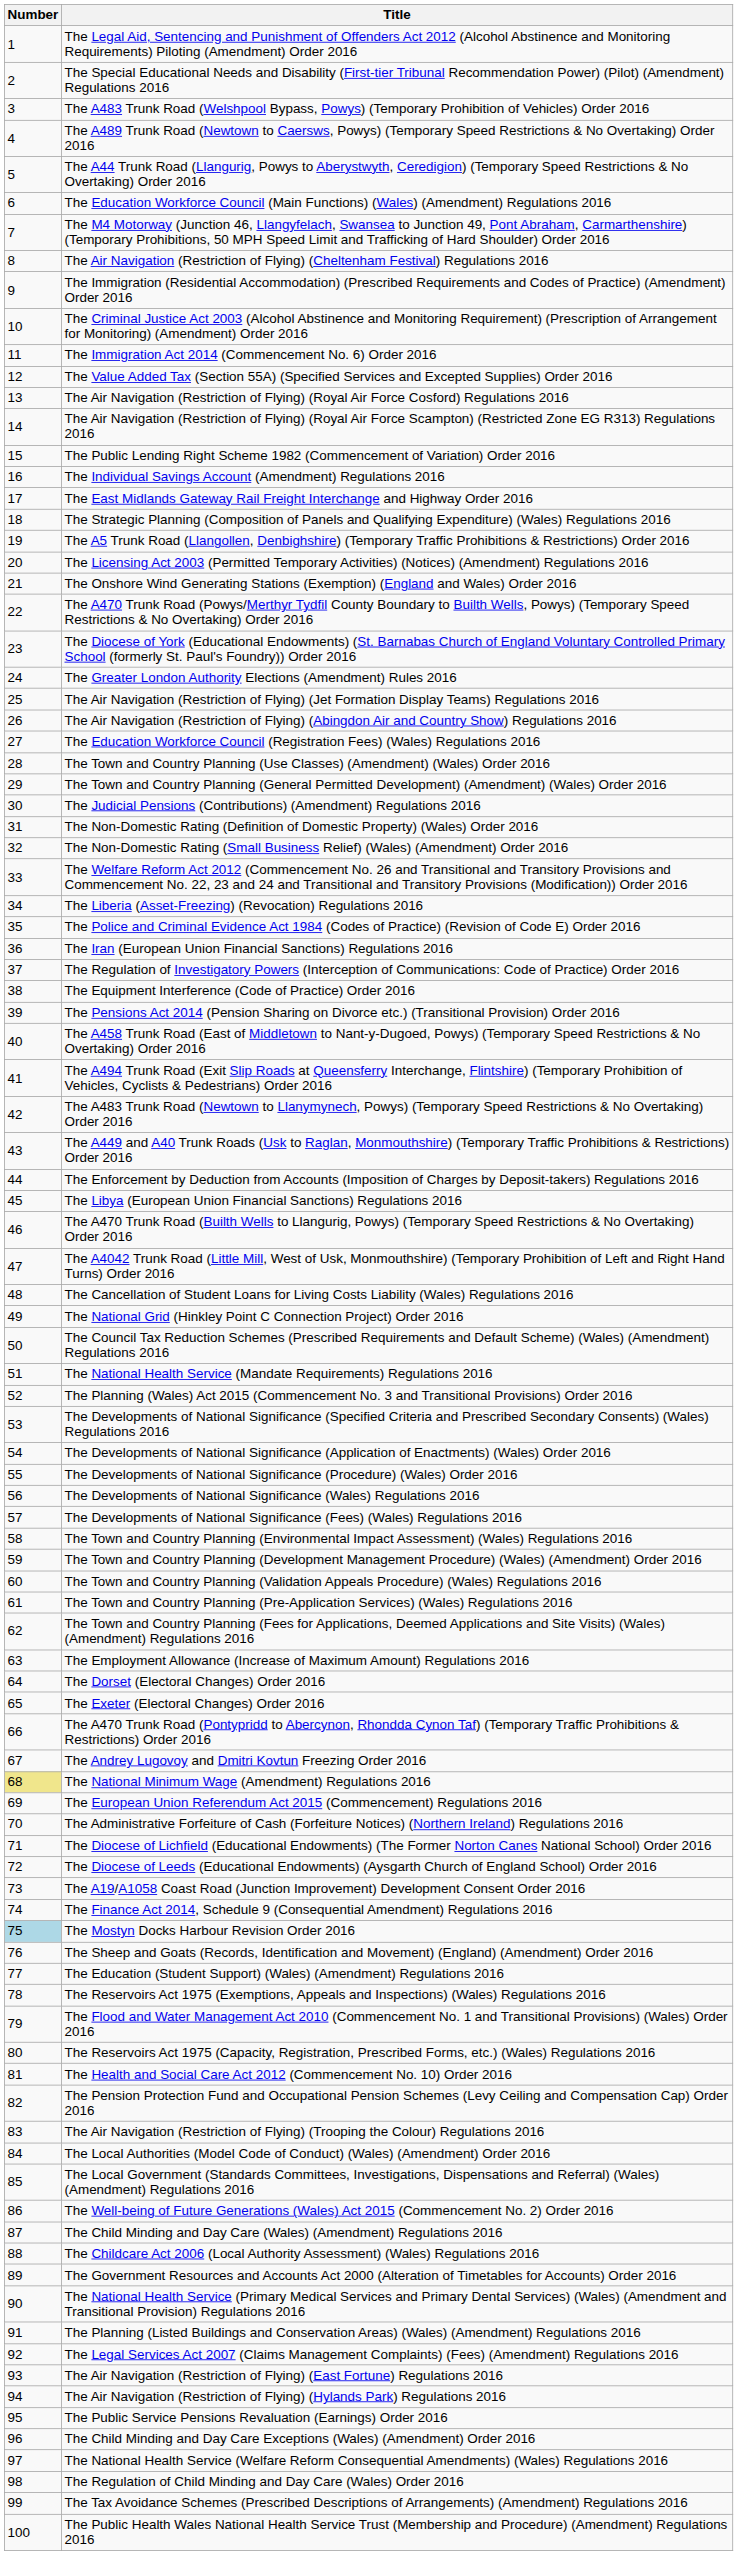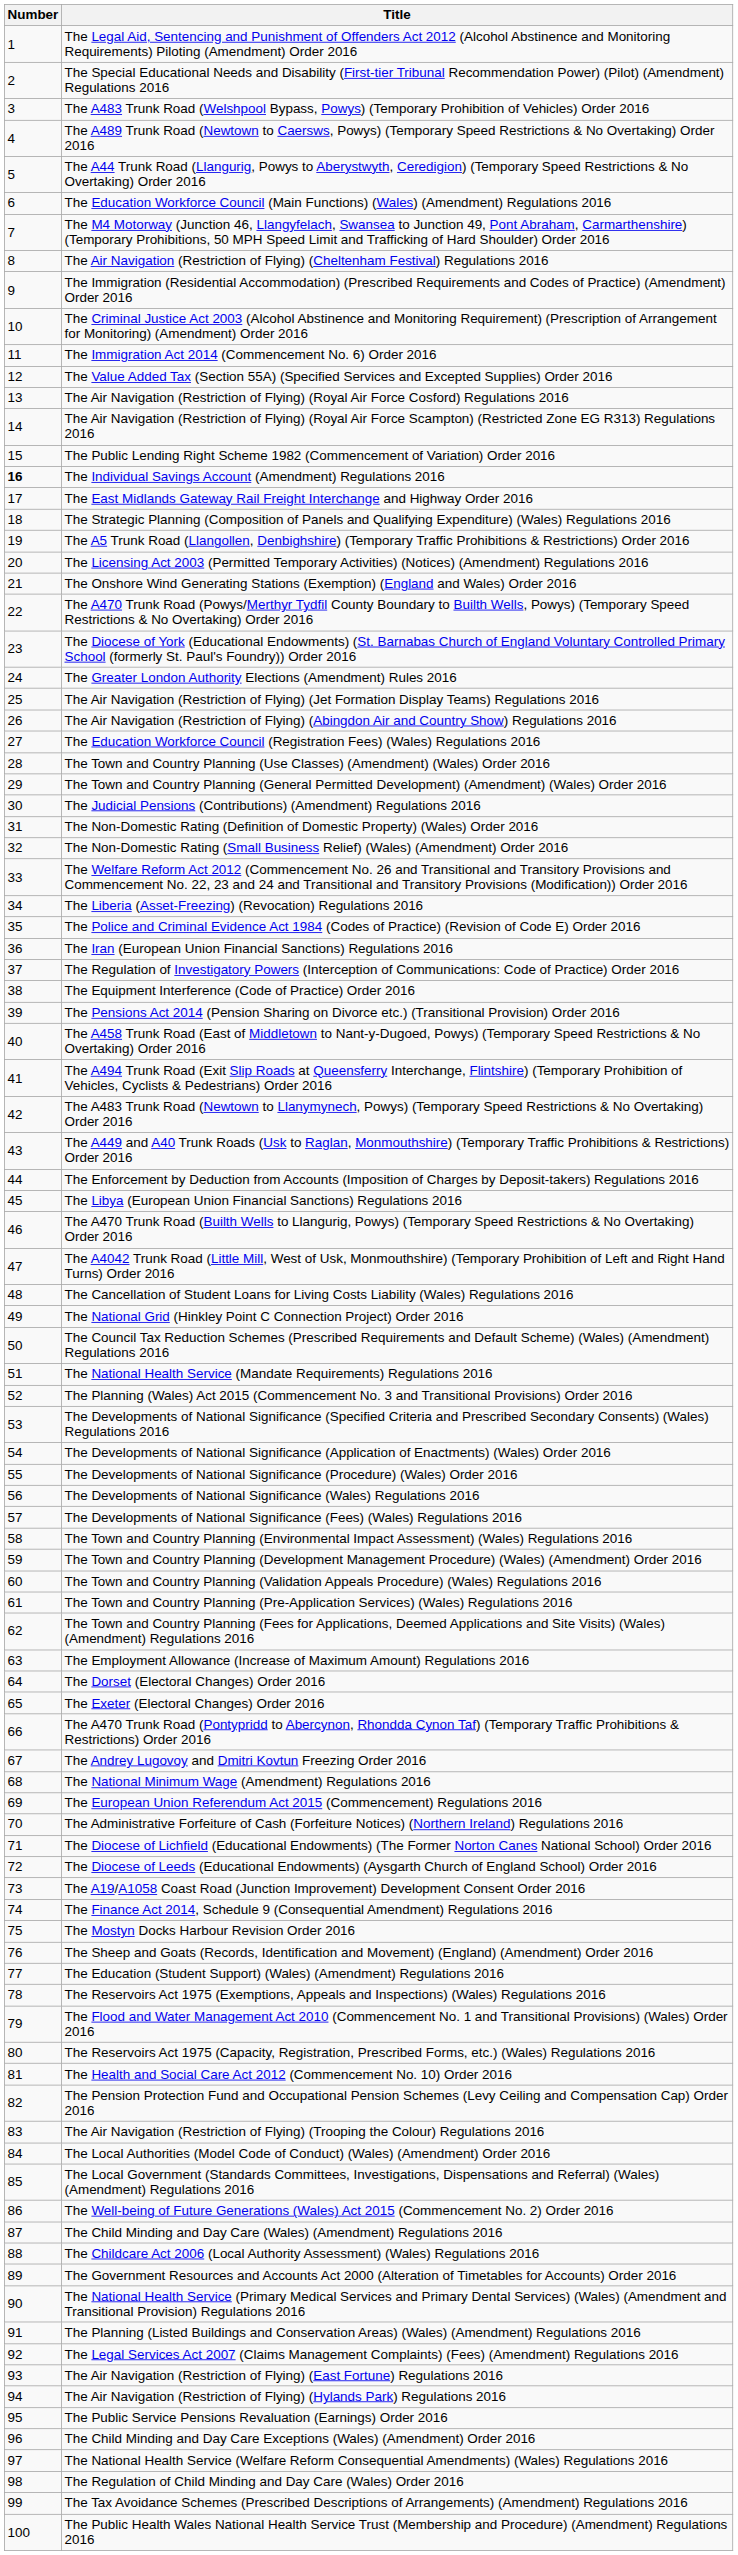 <table class="wikitable collapsible">
 <tr>
 <th>Number</th>
 <th>Title</th>
 </tr>
 <tr>
 <td>1</td>
 <td>The <a href='#'>Legal Aid, Sentencing and Punishment of Offenders Act 2012</a> (Alcohol Abstinence and Monitoring Requirements) Piloting (Amendment) Order 2016</td>
 </tr>
 <tr>
 <td>2</td>
 <td>The Special Educational Needs and Disability (<a href='#'>First-tier Tribunal</a> Recommendation Power) (Pilot) (Amendment) Regulations 2016</td>
 </tr>
 <tr>
 <td>3</td>
 <td>The <a href='#'>A483</a> Trunk Road (<a href='#'>Welshpool</a> Bypass, <a href='#'>Powys</a>) (Temporary Prohibition of Vehicles) Order 2016</td>
 </tr>
 <tr>
 <td>4</td>
 <td>The <a href='#'>A489</a> Trunk Road (<a href='#'>Newtown</a> to <a href='#'>Caersws</a>, Powys) (Temporary Speed Restrictions & No Overtaking) Order 2016</td>
 </tr>
 <tr>
 <td>5</td>
 <td>The <a href='#'>A44</a> Trunk Road (<a href='#'>Llangurig</a>, Powys to <a href='#'>Aberystwyth</a>, <a href='#'>Ceredigion</a>) (Temporary Speed Restrictions & No Overtaking) Order 2016</td>
 </tr>
 <tr>
 <td>6</td>
 <td>The <a href='#'>Education Workforce Council</a> (Main Functions) (<a href='#'>Wales</a>) (Amendment) Regulations 2016</td>
 </tr>
 <tr>
 <td>7</td>
 <td>The <a href='#'>M4 Motorway</a> (Junction 46, <a href='#'>Llangyfelach</a>, <a href='#'>Swansea</a> to Junction 49, <a href='#'>Pont Abraham</a>, <a href='#'>Carmarthenshire</a>) (Temporary Prohibitions, 50 MPH Speed Limit and Trafficking of Hard Shoulder) Order 2016</td>
 </tr>
 <tr>
 <td>8</td>
 <td>The <a href='#'>Air Navigation</a> (Restriction of Flying) (<a href='#'>Cheltenham Festival</a>) Regulations 2016</td>
 </tr>
 <tr>
 <td>9</td>
 <td>The Immigration (Residential Accommodation) (Prescribed Requirements and Codes of Practice) (Amendment) Order 2016</td>
 </tr>
 <tr>
 <td>10</td>
 <td>The <a href='#'>Criminal Justice Act 2003</a> (Alcohol Abstinence and Monitoring Requirement) (Prescription of Arrangement for Monitoring) (Amendment) Order 2016</td>
 </tr>
 <tr>
 <td>11</td>
 <td>The <a href='#'>Immigration Act 2014</a> (Commencement No. 6) Order 2016</td>
 </tr>
 <tr>
 <td>12</td>
 <td>The <a href='#'>Value Added Tax</a> (Section 55A) (Specified Services and Excepted Supplies) Order 2016</td>
 </tr>
 <tr>
 <td>13</td>
 <td>The Air Navigation (Restriction of Flying) (Royal Air Force Cosford) Regulations 2016</td>
 </tr>
 <tr>
 <td>14</td>
 <td>The Air Navigation (Restriction of Flying) (Royal Air Force Scampton) (Restricted Zone EG R313) Regulations 2016</td>
 </tr>
 <tr>
 <td>15</td>
 <td>The Public Lending Right Scheme 1982 (Commencement of Variation) Order 2016</td>
 </tr>
 <tr>
-<td>16</td>
+<td><strong>16</strong></td>
 <td>The <a href='#'>Individual Savings Account</a> (Amendment) Regulations 2016</td>
 </tr>
 <tr>
 <td>17</td>
 <td>The <a href='#'>East Midlands Gateway Rail Freight Interchange</a> and Highway Order 2016</td>
 </tr>
 <tr>
 <td>18</td>
 <td>The Strategic Planning (Composition of Panels and Qualifying Expenditure) (Wales) Regulations 2016</td>
 </tr>
 <tr>
 <td>19</td>
 <td>The <a href='#'>A5</a> Trunk Road (<a href='#'>Llangollen</a>, <a href='#'>Denbighshire</a>) (Temporary Traffic Prohibitions & Restrictions) Order 2016</td>
 </tr>
 <tr>
 <td>20</td>
 <td>The <a href='#'>Licensing Act 2003</a> (Permitted Temporary Activities) (Notices) (Amendment) Regulations 2016</td>
 </tr>
 <tr>
 <td>21</td>
 <td>The Onshore Wind Generating Stations (Exemption) (<a href='#'>England</a> and Wales) Order 2016</td>
 </tr>
 <tr>
 <td>22</td>
 <td>The <a href='#'>A470</a> Trunk Road (Powys/<a href='#'>Merthyr Tydfil</a> County Boundary to <a href='#'>Builth Wells</a>, Powys) (Temporary Speed Restrictions & No Overtaking) Order 2016</td>
 </tr>
 <tr>
 <td>23</td>
 <td>The <a href='#'>Diocese of York</a> (Educational Endowments) (<a href='#'>St. Barnabas Church of England Voluntary Controlled Primary School</a> (formerly St. Paul's Foundry)) Order 2016</td>
 </tr>
 <tr>
 <td>24</td>
 <td>The <a href='#'>Greater London Authority</a> Elections (Amendment) Rules 2016</td>
 </tr>
 <tr>
 <td>25</td>
 <td>The Air Navigation (Restriction of Flying) (Jet Formation Display Teams) Regulations 2016</td>
 </tr>
 <tr>
 <td>26</td>
 <td>The Air Navigation (Restriction of Flying) (<a href='#'>Abingdon Air and Country Show</a>) Regulations 2016</td>
 </tr>
 <tr>
 <td>27</td>
 <td>The <a href='#'>Education Workforce Council</a> (Registration Fees) (Wales) Regulations 2016</td>
 </tr>
 <tr>
 <td>28</td>
 <td>The Town and Country Planning (Use Classes) (Amendment) (Wales) Order 2016</td>
 </tr>
 <tr>
 <td>29</td>
 <td>The Town and Country Planning (General Permitted Development) (Amendment) (Wales) Order 2016</td>
 </tr>
 <tr>
 <td>30</td>
 <td>The <a href='#'>Judicial Pensions</a> (Contributions) (Amendment) Regulations 2016</td>
 </tr>
 <tr>
 <td>31</td>
 <td>The Non-Domestic Rating (Definition of Domestic Property) (Wales) Order 2016</td>
 </tr>
 <tr>
 <td>32</td>
 <td>The Non-Domestic Rating (<a href='#'>Small Business</a> Relief) (Wales) (Amendment) Order 2016</td>
 </tr>
 <tr>
 <td>33</td>
 <td>The <a href='#'>Welfare Reform Act 2012</a> (Commencement No. 26 and Transitional and Transitory Provisions and Commencement No. 22, 23 and 24 and Transitional and Transitory Provisions (Modification)) Order 2016</td>
 </tr>
 <tr>
 <td>34</td>
 <td>The <a href='#'>Liberia</a> (<a href='#'>Asset-Freezing</a>) (Revocation) Regulations 2016</td>
 </tr>
 <tr>
 <td>35</td>
 <td>The <a href='#'>Police and Criminal Evidence Act 1984</a> (Codes of Practice) (Revision of Code E) Order 2016</td>
 </tr>
 <tr>
 <td>36</td>
 <td>The <a href='#'>Iran</a> (European Union Financial Sanctions) Regulations 2016</td>
 </tr>
 <tr>
 <td>37</td>
 <td>The Regulation of <a href='#'>Investigatory Powers</a> (Interception of Communications: Code of Practice) Order 2016</td>
 </tr>
 <tr>
 <td>38</td>
 <td>The Equipment Interference (Code of Practice) Order 2016</td>
 </tr>
 <tr>
 <td>39</td>
 <td>The <a href='#'>Pensions Act 2014</a> (Pension Sharing on Divorce etc.) (Transitional Provision) Order 2016</td>
 </tr>
 <tr>
 <td>40</td>
 <td>The <a href='#'>A458</a> Trunk Road (East of <a href='#'>Middletown</a> to Nant-y-Dugoed, Powys) (Temporary Speed Restrictions & No Overtaking) Order 2016</td>
 </tr>
 <tr>
 <td>41</td>
 <td>The <a href='#'>A494</a> Trunk Road (Exit <a href='#'>Slip Roads</a> at <a href='#'>Queensferry</a> Interchange, <a href='#'>Flintshire</a>) (Temporary Prohibition of Vehicles, Cyclists & Pedestrians) Order 2016</td>
 </tr>
 <tr>
 <td>42</td>
 <td>The A483 Trunk Road (<a href='#'>Newtown</a> to <a href='#'>Llanymynech</a>, Powys) (Temporary Speed Restrictions & No Overtaking) Order 2016</td>
 </tr>
 <tr>
 <td>43</td>
 <td>The <a href='#'>A449</a> and <a href='#'>A40</a> Trunk Roads (<a href='#'>Usk</a> to <a href='#'>Raglan</a>, <a href='#'>Monmouthshire</a>) (Temporary Traffic Prohibitions & Restrictions) Order 2016</td>
 </tr>
 <tr>
 <td>44</td>
 <td>The Enforcement by Deduction from Accounts (Imposition of Charges by Deposit-takers) Regulations 2016</td>
 </tr>
 <tr>
 <td>45</td>
 <td>The <a href='#'>Libya</a> (European Union Financial Sanctions) Regulations 2016</td>
 </tr>
 <tr>
 <td>46</td>
 <td>The A470 Trunk Road (<a href='#'>Builth Wells</a> to Llangurig, Powys) (Temporary Speed Restrictions & No Overtaking) Order 2016</td>
 </tr>
 <tr>
 <td>47</td>
 <td>The <a href='#'>A4042</a> Trunk Road (<a href='#'>Little Mill</a>, West of Usk, Monmouthshire) (Temporary Prohibition of Left and Right Hand Turns) Order 2016</td>
 </tr>
 <tr>
 <td>48</td>
 <td>The Cancellation of Student Loans for Living Costs Liability (Wales) Regulations 2016</td>
 </tr>
 <tr>
 <td>49</td>
 <td>The <a href='#'>National Grid</a> (Hinkley Point C Connection Project) Order 2016</td>
 </tr>
 <tr>
 <td>50</td>
 <td>The Council Tax Reduction Schemes (Prescribed Requirements and Default Scheme) (Wales) (Amendment) Regulations 2016</td>
 </tr>
 <tr>
 <td>51</td>
 <td>The <a href='#'>National Health Service</a> (Mandate Requirements) Regulations 2016</td>
 </tr>
 <tr>
 <td>52</td>
 <td>The Planning (Wales) Act 2015 (Commencement No. 3 and Transitional Provisions) Order 2016</td>
 </tr>
 <tr>
 <td>53</td>
 <td>The Developments of National Significance (Specified Criteria and Prescribed Secondary Consents) (Wales) Regulations 2016</td>
 </tr>
 <tr>
 <td>54</td>
 <td>The Developments of National Significance (Application of Enactments) (Wales) Order 2016</td>
 </tr>
 <tr>
 <td>55</td>
 <td>The Developments of National Significance (Procedure) (Wales) Order 2016</td>
 </tr>
 <tr>
 <td>56</td>
 <td>The Developments of National Significance (Wales) Regulations 2016</td>
 </tr>
 <tr>
 <td>57</td>
 <td>The Developments of National Significance (Fees) (Wales) Regulations 2016</td>
 </tr>
 <tr>
 <td>58</td>
 <td>The Town and Country Planning (Environmental Impact Assessment) (Wales) Regulations 2016</td>
 </tr>
 <tr>
 <td>59</td>
 <td>The Town and Country Planning (Development Management Procedure) (Wales) (Amendment) Order 2016</td>
 </tr>
 <tr>
 <td>60</td>
 <td>The Town and Country Planning (Validation Appeals Procedure) (Wales) Regulations 2016</td>
 </tr>
 <tr>
 <td>61</td>
 <td>The Town and Country Planning (Pre-Application Services) (Wales) Regulations 2016</td>
 </tr>
 <tr>
 <td>62</td>
 <td>The Town and Country Planning (Fees for Applications, Deemed Applications and Site Visits) (Wales) (Amendment) Regulations 2016</td>
 </tr>
 <tr>
 <td>63</td>
 <td>The Employment Allowance (Increase of Maximum Amount) Regulations 2016</td>
 </tr>
 <tr>
 <td>64</td>
 <td>The <a href='#'>Dorset</a> (Electoral Changes) Order 2016</td>
 </tr>
 <tr>
 <td>65</td>
 <td>The <a href='#'>Exeter</a> (Electoral Changes) Order 2016</td>
 </tr>
 <tr>
 <td>66</td>
 <td>The A470 Trunk Road (<a href='#'>Pontypridd</a> to <a href='#'>Abercynon</a>, <a href='#'>Rhondda Cynon Taf</a>) (Temporary Traffic Prohibitions & Restrictions) Order 2016</td>
 </tr>
 <tr>
 <td>67</td>
 <td>The <a href='#'>Andrey Lugovoy</a> and <a href='#'>Dmitri Kovtun</a> Freezing Order 2016</td>
 </tr>
 <tr>
-<td style="background: khaki;">68</td>
+<td>68</td>
 <td>The <a href='#'>National Minimum Wage</a> (Amendment) Regulations 2016</td>
 </tr>
 <tr>
 <td>69</td>
 <td>The <a href='#'>European Union Referendum Act 2015</a> (Commencement) Regulations 2016</td>
 </tr>
 <tr>
 <td>70</td>
 <td>The Administrative Forfeiture of Cash (Forfeiture Notices) (<a href='#'>Northern Ireland</a>) Regulations 2016</td>
 </tr>
 <tr>
 <td>71</td>
 <td>The <a href='#'>Diocese of Lichfield</a> (Educational Endowments) (The Former <a href='#'>Norton Canes</a> National School) Order 2016</td>
 </tr>
 <tr>
 <td>72</td>
 <td>The <a href='#'>Diocese of Leeds</a> (Educational Endowments) (Aysgarth Church of England School) Order 2016</td>
 </tr>
 <tr>
 <td>73</td>
 <td>The <a href='#'>A19</a>/<a href='#'>A1058</a> Coast Road (Junction Improvement) Development Consent Order 2016</td>
 </tr>
 <tr>
 <td>74</td>
 <td>The <a href='#'>Finance Act 2014</a>, Schedule 9 (Consequential Amendment) Regulations 2016</td>
 </tr>
 <tr>
-<td style="background: lightblue;">75</td>
+<td>75</td>
 <td>The <a href='#'>Mostyn</a> Docks Harbour Revision Order 2016</td>
 </tr>
 <tr>
 <td>76</td>
 <td>The Sheep and Goats (Records, Identification and Movement) (England) (Amendment) Order 2016</td>
 </tr>
 <tr>
 <td>77</td>
 <td>The Education (Student Support) (Wales) (Amendment) Regulations 2016</td>
 </tr>
 <tr>
 <td>78</td>
 <td>The Reservoirs Act 1975 (Exemptions, Appeals and Inspections) (Wales) Regulations 2016</td>
 </tr>
 <tr>
 <td>79</td>
 <td>The <a href='#'>Flood and Water Management Act 2010</a> (Commencement No. 1 and Transitional Provisions) (Wales) Order 2016</td>
 </tr>
 <tr>
 <td>80</td>
 <td>The Reservoirs Act 1975 (Capacity, Registration, Prescribed Forms, etc.) (Wales) Regulations 2016</td>
 </tr>
 <tr>
 <td>81</td>
 <td>The <a href='#'>Health and Social Care Act 2012</a> (Commencement No. 10) Order 2016</td>
 </tr>
 <tr>
 <td>82</td>
 <td>The Pension Protection Fund and Occupational Pension Schemes (Levy Ceiling and Compensation Cap) Order 2016</td>
 </tr>
 <tr>
 <td>83</td>
 <td>The Air Navigation (Restriction of Flying) (Trooping the Colour) Regulations 2016</td>
 </tr>
 <tr>
 <td>84</td>
 <td>The Local Authorities (Model Code of Conduct) (Wales) (Amendment) Order 2016</td>
 </tr>
 <tr>
 <td>85</td>
 <td>The Local Government (Standards Committees, Investigations, Dispensations and Referral) (Wales) (Amendment) Regulations 2016</td>
 </tr>
 <tr>
 <td>86</td>
 <td>The <a href='#'>Well-being of Future Generations (Wales) Act 2015</a> (Commencement No. 2) Order 2016</td>
 </tr>
 <tr>
 <td>87</td>
 <td>The Child Minding and Day Care (Wales) (Amendment) Regulations 2016</td>
 </tr>
 <tr>
 <td>88</td>
 <td>The <a href='#'>Childcare Act 2006</a> (Local Authority Assessment) (Wales) Regulations 2016</td>
 </tr>
 <tr>
 <td>89</td>
 <td>The Government Resources and Accounts Act 2000 (Alteration of Timetables for Accounts) Order 2016</td>
 </tr>
 <tr>
 <td>90</td>
 <td>The <a href='#'>National Health Service</a> (Primary Medical Services and Primary Dental Services) (Wales) (Amendment and Transitional Provision) Regulations 2016</td>
 </tr>
 <tr>
 <td>91</td>
 <td>The Planning (Listed Buildings and Conservation Areas) (Wales) (Amendment) Regulations 2016</td>
 </tr>
 <tr>
 <td>92</td>
 <td>The <a href='#'>Legal Services Act 2007</a> (Claims Management Complaints) (Fees) (Amendment) Regulations 2016</td>
 </tr>
 <tr>
 <td>93</td>
 <td>The Air Navigation (Restriction of Flying) (<a href='#'>East Fortune</a>) Regulations 2016</td>
 </tr>
 <tr>
 <td>94</td>
 <td>The Air Navigation (Restriction of Flying) (<a href='#'>Hylands Park</a>) Regulations 2016</td>
 </tr>
 <tr>
 <td>95</td>
 <td>The Public Service Pensions Revaluation (Earnings) Order 2016</td>
 </tr>
 <tr>
 <td>96</td>
 <td>The Child Minding and Day Care Exceptions (Wales) (Amendment) Order 2016</td>
 </tr>
 <tr>
 <td>97</td>
 <td>The National Health Service (Welfare Reform Consequential Amendments) (Wales) Regulations 2016</td>
 </tr>
 <tr>
 <td>98</td>
 <td>The Regulation of Child Minding and Day Care (Wales) Order 2016</td>
 </tr>
 <tr>
 <td>99</td>
 <td>The Tax Avoidance Schemes (Prescribed Descriptions of Arrangements) (Amendment) Regulations 2016</td>
 </tr>
 <tr>
 <td>100</td>
 <td>The Public Health Wales National Health Service Trust (Membership and Procedure) (Amendment) Regulations 2016</td>
 </tr>
 </table>
